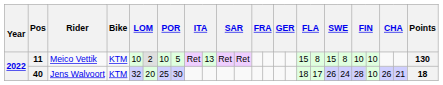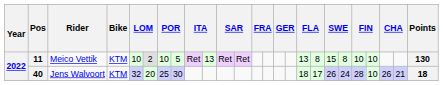 <table class="wikitable" style="font-size: 80%; text-align:center">
 <tr>
 <th><br><h4>Year</h4></th>
 <th valign="middle">Pos</th>
 <th valign="middle">Rider</th>
 <th valign="middle">Bike</th>
 <th colspan="2"><a href='#'>LOM</a><br></th>
 <th colspan="2"><a href='#'>POR</a><br></th>
 <th colspan="2"><a href='#'>ITA</a><br></th>
 <th colspan="2"><a href='#'>SAR</a><br></th>
 <th colspan="2"><a href='#'>FRA</a><br></th>
 <th colspan="2"><a href='#'>GER</a><br></th>
 <th colspan="2"><a href='#'>FLA</a><br></th>
 <th colspan="2"><a href='#'>SWE</a><br></th>
 <th colspan="2"><a href='#'>FIN</a><br></th>
 <th colspan="2"><a href='#'>CHA</a><br></th>
 <th valign="middle">Points</th>
 </tr>
 <tr>
 <th rowspan="2"><a href='#'>2022</a></th>
 <th>11</th>
 <td align="left"> <a href='#'>Meico Vettik</a></td>
 <td><a href='#'>KTM</a></td>
 <td style="background:#dfffdf;">10</td>
 <td style="background:#dfdfdf;">2</td>
 <td style="background:#dfffdf;">10</td>
 <td style="background:#dfffdf;">5</td>
 <td style="background:#efcfff;">Ret</td>
 <td style="background:#dfffdf;">13</td>
 <td style="background:#efcfff;">Ret</td>
 <td style="background:#efcfff;">Ret</td>
 <td></td>
 <td></td>
 <td></td>
 <td></td>
-<td style="background:#dfffdf;">15</td>
+<td style="background:#dfffdf;">13</td>
 <td style="background:#dfffdf;">8</td>
 <td style="background:#dfffdf;">15</td>
 <td style="background:#dfffdf;">8</td>
 <td style="background:#dfffdf;">10</td>
 <td style="background:#dfffdf;">10</td>
 <td></td>
 <td></td>
 <th>130</th>
 </tr>
 <tr>
 <th>40</th>
 <td align="left"> <a href='#'>Jens Walvoort</a></td>
 <td><a href='#'>KTM</a></td>
 <td style="background:#cfcfff;">32</td>
 <td style="background:#dfffdf;">20</td>
 <td style="background:#cfcfff;">25</td>
 <td style="background:#cfcfff;">30</td>
 <td></td>
 <td></td>
 <td></td>
 <td></td>
 <td></td>
 <td></td>
 <td></td>
 <td></td>
 <td style="background:#dfffdf;">18</td>
 <td style="background:#dfffdf;">17</td>
 <td style="background:#cfcfff;">26</td>
 <td style="background:#cfcfff;">24</td>
 <td style="background:#cfcfff;">28</td>
 <td style="background:#dfffdf;">10</td>
 <td style="background:#cfcfff;">26</td>
 <td style="background:#cfcfff;">21</td>
 <th>18</th>
 </tr>
 </table>
